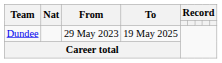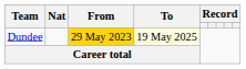 <table class="wikitable" style="text-align: center">
 <tr>
 <th rowspan="2">Team</th>
 <th rowspan="2">Nat</th>
 <th rowspan="2">From</th>
 <th rowspan="2">To</th>
 <th colspan="5">Record</th>
 </tr>
 <tr>
 <th></th>
 <th></th>
 <th></th>
 <th></th>
 <th></th>
 </tr>
 <tr>
 <td align="left"><a href='#'>Dundee</a></td>
 <td align="center"></td>
-<td align="center">29 May 2023</td>
-<td align="center">19 May 2025<br></td>
+<td align="center" style="background: gold;">29 May 2023</td>
+<td align="center" style="background: lightyellow;">19 May 2025<br></td>
 </tr>
 <tr>
 <th colspan=4>Career total<br></th>
 </tr>
 </table>
